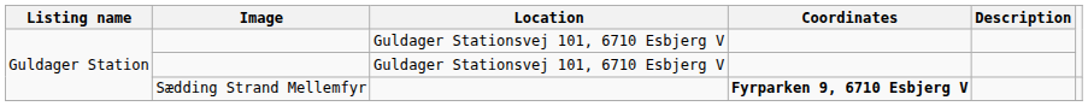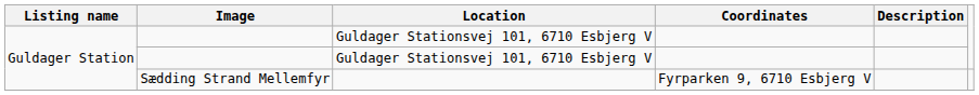 <table class="wikitable sortable">
 <tr>
 <th>Listing name</th>
 <th>Image</th>
 <th>Location</th>
 <th>Coordinates</th>
 <th>Description</th>
 </tr>
 <tr>
 <td rowspan="3">Guldager Station</td>
 <td></td>
 <td>Guldager Stationsvej 101, 6710 Esbjerg V</td>
 <td></td>
 <td></td>
 </tr>
 <tr>
 <td></td>
 <td>Guldager Stationsvej 101, 6710 Esbjerg V</td>
 <td></td>
 <td></td>
 </tr>
 <tr>
 <td>Sædding Strand Mellemfyr</td>
 <td></td>
-<td><strong>Fyrparken 9, 6710 Esbjerg V</strong></td>
+<td>Fyrparken 9, 6710 Esbjerg V</td>
 <td></td>
 <td></td>
 </tr>
 <tr>
 </tr>
 </table>
